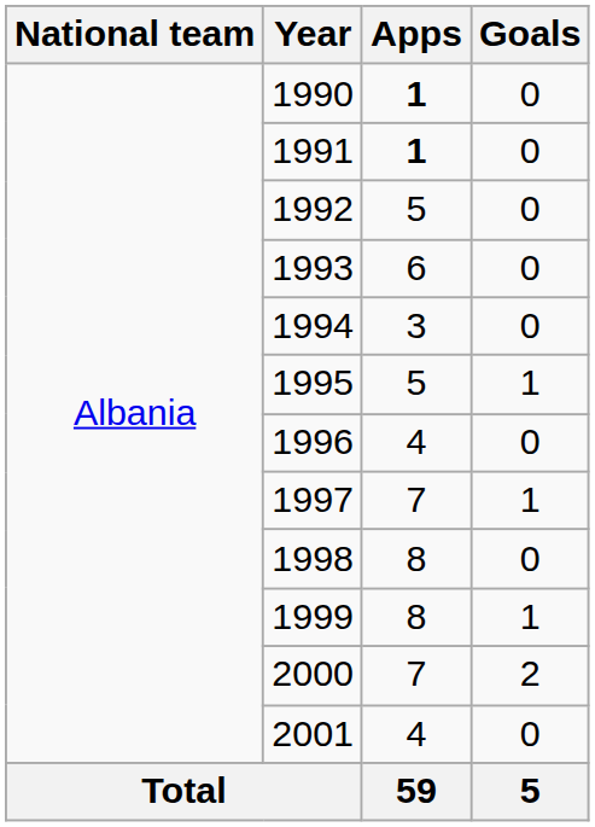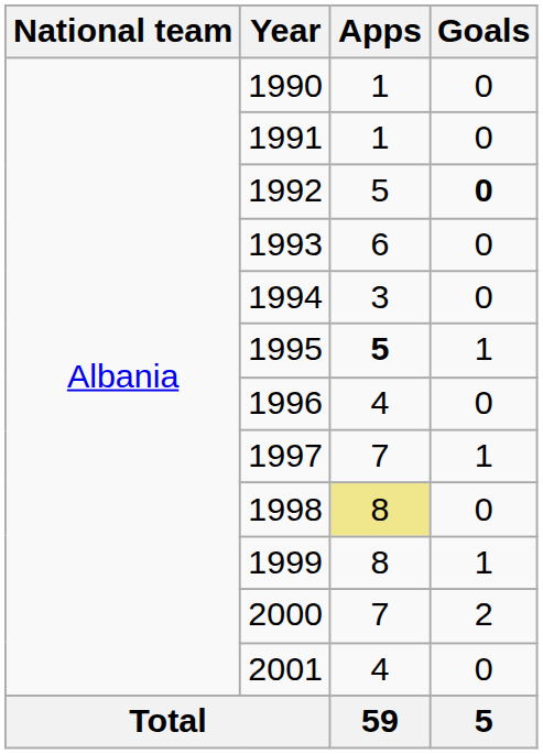 <table class="wikitable" style="text-align:center">
 <tr>
 <th>National team</th>
 <th>Year</th>
 <th>Apps</th>
 <th>Goals</th>
 </tr>
 <tr>
 <td rowspan="12"><a href='#'>Albania</a></td>
 <td>1990</td>
-<td><strong>1</strong></td>
+<td>1</td>
 <td>0</td>
 </tr>
 <tr>
 <td>1991</td>
-<td><strong>1</strong></td>
+<td>1</td>
 <td>0</td>
 </tr>
 <tr>
 <td>1992</td>
 <td>5</td>
-<td>0</td>
+<td><strong>0</strong></td>
 </tr>
 <tr>
 <td>1993</td>
 <td>6</td>
 <td>0</td>
 </tr>
 <tr>
 <td>1994</td>
 <td>3</td>
 <td>0</td>
 </tr>
 <tr>
 <td>1995</td>
-<td>5</td>
+<td><strong>5</strong></td>
 <td>1</td>
 </tr>
 <tr>
 <td>1996</td>
 <td>4</td>
 <td>0</td>
 </tr>
 <tr>
 <td>1997</td>
 <td>7</td>
 <td>1</td>
 </tr>
 <tr>
 <td>1998</td>
-<td>8</td>
+<td style="background: khaki;">8</td>
 <td>0</td>
 </tr>
 <tr>
 <td>1999</td>
 <td>8</td>
 <td>1</td>
 </tr>
 <tr>
 <td>2000</td>
 <td>7</td>
 <td>2</td>
 </tr>
 <tr>
 <td>2001</td>
 <td>4</td>
 <td>0</td>
 </tr>
 <tr>
 <th colspan="2">Total</th>
 <th>59</th>
 <th>5</th>
 </tr>
 </table>
